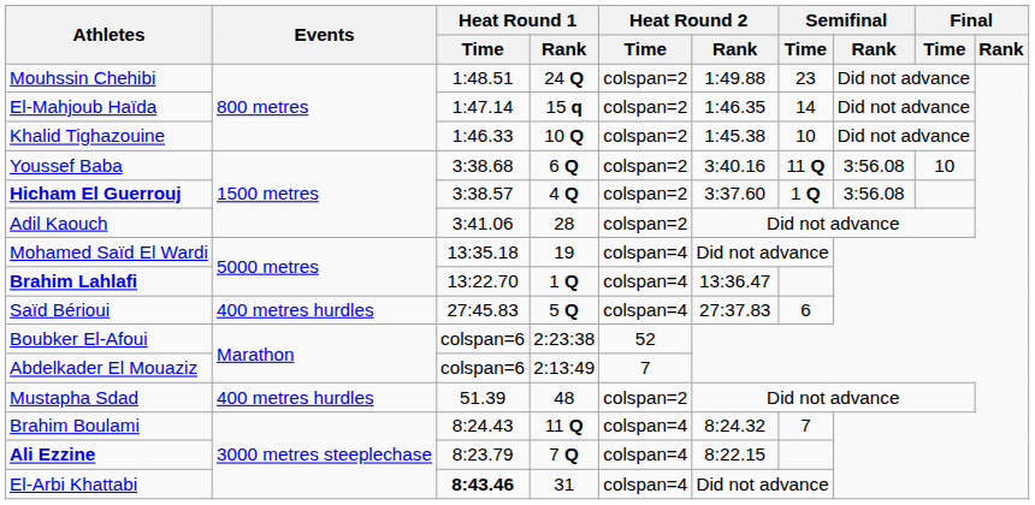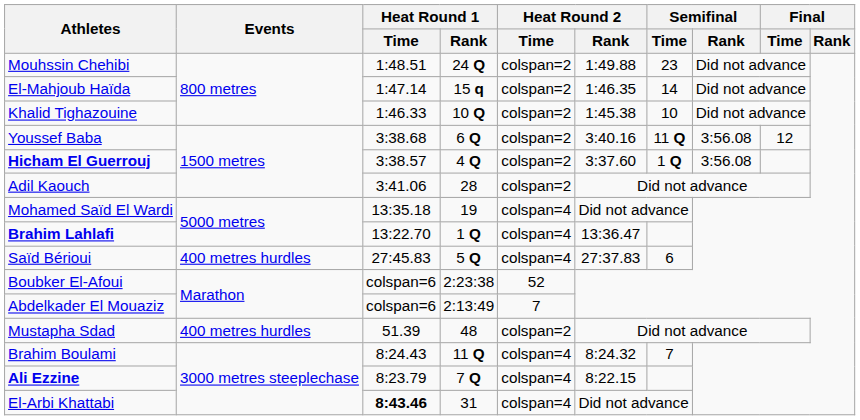 <table class=wikitable style=font-size:90%>
 <tr>
 <th rowspan=2>Athletes</th>
 <th rowspan=2>Events</th>
 <th colspan=2>Heat Round 1</th>
 <th colspan=2>Heat Round 2</th>
 <th colspan=2>Semifinal</th>
 <th colspan=2>Final</th>
 </tr>
 <tr>
 <th>Time</th>
 <th>Rank</th>
 <th>Time</th>
 <th>Rank</th>
 <th>Time</th>
 <th>Rank</th>
 <th>Time</th>
 <th>Rank</th>
 </tr>
 <tr>
 <td><a href='#'>Mouhssin Chehibi</a></td>
 <td rowspan=3><a href='#'>800 metres</a></td>
 <td align=center>1:48.51</td>
 <td align=center>24 <strong>Q</strong></td>
 <td>colspan=2</td>
 <td align=center>1:49.88</td>
 <td align=center>23</td>
 <td align=center colspan=2>Did not advance</td>
 </tr>
 <tr>
 <td><a href='#'>El-Mahjoub Haïda</a></td>
 <td align=center>1:47.14</td>
 <td align=center>15 <strong>q</strong></td>
 <td>colspan=2</td>
 <td align=center>1:46.35</td>
 <td align=center>14</td>
 <td align=center colspan=2>Did not advance</td>
 </tr>
 <tr>
 <td><a href='#'>Khalid Tighazouine</a></td>
 <td align=center>1:46.33</td>
 <td align=center>10 <strong>Q</strong></td>
 <td>colspan=2</td>
 <td align=center>1:45.38</td>
 <td align=center>10</td>
 <td align=center colspan=2>Did not advance</td>
 </tr>
 <tr>
 <td><a href='#'>Youssef Baba</a></td>
 <td rowspan=3><a href='#'>1500 metres</a></td>
 <td align=center>3:38.68</td>
 <td align=center>6 <strong>Q</strong></td>
 <td>colspan=2</td>
 <td align=center>3:40.16</td>
 <td align=center>11 <strong>Q</strong></td>
 <td align=center>3:56.08</td>
-<td align=center>10</td>
+<td align=center>12</td>
 </tr>
 <tr>
 <td><strong><a href='#'>Hicham El Guerrouj</a></strong></td>
 <td align=center>3:38.57</td>
 <td align=center>4 <strong>Q</strong></td>
 <td>colspan=2</td>
 <td align=center>3:37.60</td>
 <td align=center>1 <strong>Q</strong></td>
 <td align=center>3:56.08</td>
 <td align=center></td>
 </tr>
 <tr>
 <td><a href='#'>Adil Kaouch</a></td>
 <td align=center>3:41.06</td>
 <td align=center>28</td>
 <td>colspan=2</td>
 <td align=center colspan=4>Did not advance</td>
 </tr>
 <tr>
 <td><a href='#'>Mohamed Saïd El Wardi</a></td>
 <td rowspan=2><a href='#'>5000 metres</a></td>
 <td align=center>13:35.18</td>
 <td align=center>19</td>
 <td>colspan=4</td>
 <td align=center colspan=2>Did not advance</td>
 </tr>
 <tr>
 <td><strong><a href='#'>Brahim Lahlafi</a></strong></td>
 <td align=center>13:22.70</td>
 <td align=center>1 <strong>Q</strong></td>
 <td>colspan=4</td>
 <td align=center>13:36.47</td>
 <td align=center></td>
 </tr>
 <tr>
 <td><a href='#'>Saïd Bérioui</a></td>
 <td><a href='#'>400 metres hurdles</a></td>
 <td align=center>27:45.83</td>
 <td align=center>5 <strong>Q</strong></td>
 <td>colspan=4</td>
 <td align=center>27:37.83</td>
 <td align=center>6</td>
 </tr>
 <tr>
 <td><a href='#'>Boubker El-Afoui</a></td>
 <td rowspan=2><a href='#'>Marathon</a></td>
 <td>colspan=6</td>
 <td align=center>2:23:38</td>
 <td align=center>52</td>
 </tr>
 <tr>
 <td><a href='#'>Abdelkader El Mouaziz</a></td>
 <td>colspan=6</td>
 <td align=center>2:13:49</td>
 <td align=center>7</td>
 </tr>
 <tr>
 <td><a href='#'>Mustapha Sdad</a></td>
 <td><a href='#'>400 metres hurdles</a></td>
 <td align=center>51.39</td>
 <td align=center>48</td>
 <td>colspan=2</td>
 <td align=center colspan=4>Did not advance</td>
 </tr>
 <tr>
 <td><a href='#'>Brahim Boulami</a></td>
 <td rowspan=3><a href='#'>3000 metres steeplechase</a></td>
 <td align=center>8:24.43</td>
 <td align=center>11 <strong>Q</strong></td>
 <td>colspan=4</td>
 <td align=center>8:24.32</td>
 <td align=center>7</td>
 </tr>
 <tr>
 <td><strong><a href='#'>Ali Ezzine</a></strong></td>
 <td align=center>8:23.79</td>
 <td align=center>7 <strong>Q</strong></td>
 <td>colspan=4</td>
 <td align=center>8:22.15</td>
 <td align=center></td>
 </tr>
 <tr>
 <td><a href='#'>El-Arbi Khattabi</a></td>
 <td align=center><strong>8:43.46</strong></td>
 <td align=center>31</td>
 <td>colspan=4</td>
 <td align=center colspan=2>Did not advance</td>
 </tr>
 </table>
